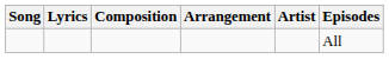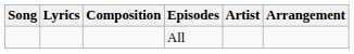 <table class="wikitable">
 <tr>
 <th>Song</th>
 <th>Lyrics</th>
 <th>Composition</th>
+<th>Episodes</th>
+<th>Artist</th>
 <th>Arrangement</th>
-<th>Artist</th>
-<th>Episodes</th>
 </tr>
 <tr>
 <td></td>
 <td></td>
 <td></td>
+<td>All</td>
 <td></td>
 <td></td>
-<td>All</td>
 </tr>
 </table>
